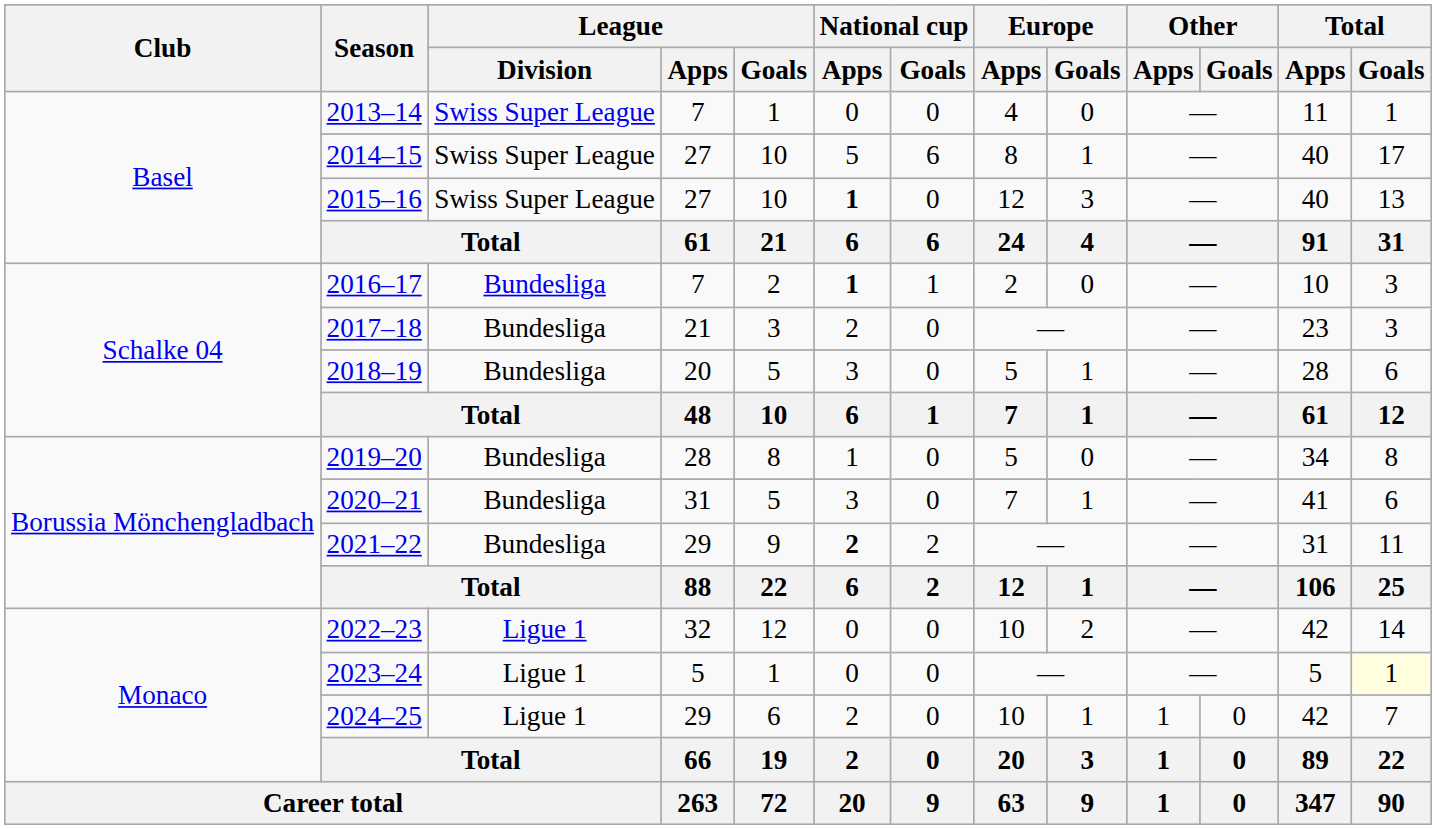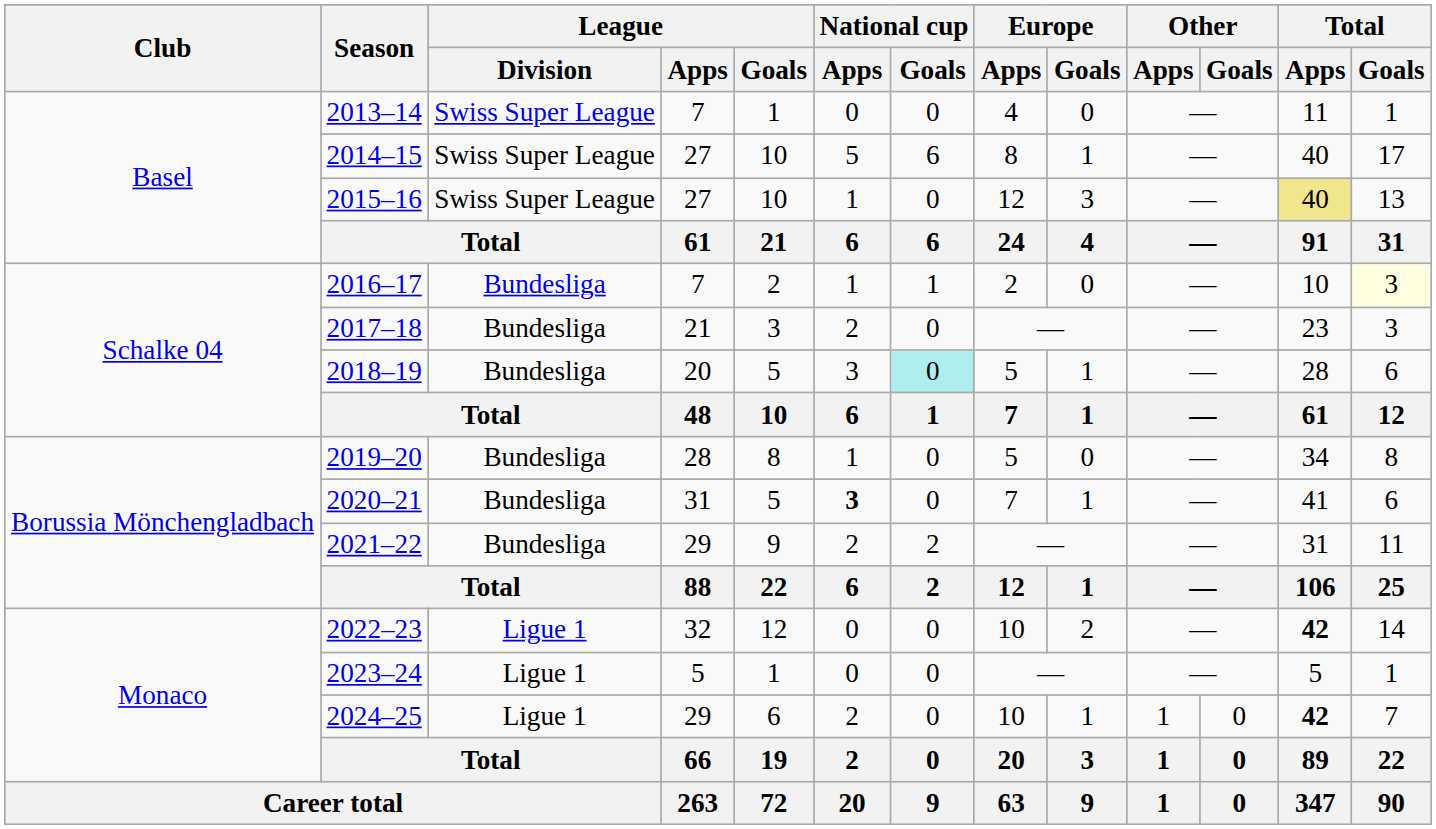 <table class="wikitable" style="text-align:center">
 <tr>
 <th rowspan="2">Club</th>
 <th rowspan="2">Season</th>
 <th colspan="3">League</th>
 <th colspan="2">National cup</th>
 <th colspan="2">Europe</th>
 <th colspan="2">Other</th>
 <th colspan="2">Total</th>
 </tr>
 <tr>
 <th>Division</th>
 <th>Apps</th>
 <th>Goals</th>
 <th>Apps</th>
 <th>Goals</th>
 <th>Apps</th>
 <th>Goals</th>
 <th>Apps</th>
 <th>Goals</th>
 <th>Apps</th>
 <th>Goals</th>
 </tr>
 <tr>
 <td rowspan="4"><a href='#'>Basel</a></td>
 <td><a href='#'>2013–14</a></td>
 <td><a href='#'>Swiss Super League</a></td>
 <td>7</td>
 <td>1</td>
 <td>0</td>
 <td>0</td>
 <td>4</td>
 <td>0</td>
 <td colspan="2">—</td>
 <td>11</td>
 <td>1</td>
 </tr>
 <tr>
 <td><a href='#'>2014–15</a></td>
 <td>Swiss Super League</td>
 <td>27</td>
 <td>10</td>
 <td>5</td>
 <td>6</td>
 <td>8</td>
 <td>1</td>
 <td colspan="2">—</td>
 <td>40</td>
 <td>17</td>
 </tr>
 <tr>
 <td><a href='#'>2015–16</a></td>
 <td>Swiss Super League</td>
 <td>27</td>
 <td>10</td>
-<td><strong>1</strong></td>
+<td>1</td>
 <td>0</td>
 <td>12</td>
 <td>3</td>
 <td colspan="2">—</td>
-<td>40</td>
+<td style="background: khaki;">40</td>
 <td>13</td>
 </tr>
 <tr>
 <th colspan="2">Total</th>
 <th>61</th>
 <th>21</th>
 <th>6</th>
 <th>6</th>
 <th>24</th>
 <th>4</th>
 <th colspan="2">—</th>
 <th>91</th>
 <th>31</th>
 </tr>
 <tr>
 <td rowspan="4"><a href='#'>Schalke 04</a></td>
 <td><a href='#'>2016–17</a></td>
 <td><a href='#'>Bundesliga</a></td>
 <td>7</td>
 <td>2</td>
-<td><strong>1</strong></td>
+<td>1</td>
 <td>1</td>
 <td>2</td>
 <td>0</td>
 <td colspan="2">—</td>
 <td>10</td>
-<td>3</td>
+<td style="background: lightyellow;">3</td>
 </tr>
 <tr>
 <td><a href='#'>2017–18</a></td>
 <td>Bundesliga</td>
 <td>21</td>
 <td>3</td>
 <td>2</td>
 <td>0</td>
 <td colspan="2">—</td>
 <td colspan="2">—</td>
 <td>23</td>
 <td>3</td>
 </tr>
 <tr>
 <td><a href='#'>2018–19</a></td>
 <td>Bundesliga</td>
 <td>20</td>
 <td>5</td>
 <td>3</td>
-<td>0</td>
+<td style="background: paleturquoise;">0</td>
 <td>5</td>
 <td>1</td>
 <td colspan="2">—</td>
 <td>28</td>
 <td>6</td>
 </tr>
 <tr>
 <th colspan="2">Total</th>
 <th>48</th>
 <th>10</th>
 <th>6</th>
 <th>1</th>
 <th>7</th>
 <th>1</th>
 <th colspan="2">—</th>
 <th>61</th>
 <th>12</th>
 </tr>
 <tr>
 <td rowspan="4"><a href='#'>Borussia Mönchengladbach</a></td>
 <td><a href='#'>2019–20</a></td>
 <td>Bundesliga</td>
 <td>28</td>
 <td>8</td>
 <td>1</td>
 <td>0</td>
 <td>5</td>
 <td>0</td>
 <td colspan="2">—</td>
 <td>34</td>
 <td>8</td>
 </tr>
 <tr>
 <td><a href='#'>2020–21</a></td>
 <td>Bundesliga</td>
 <td>31</td>
 <td>5</td>
-<td>3</td>
+<td><strong>3</strong></td>
 <td>0</td>
 <td>7</td>
 <td>1</td>
 <td colspan="2">—</td>
 <td>41</td>
 <td>6</td>
 </tr>
 <tr>
 <td><a href='#'>2021–22</a></td>
 <td>Bundesliga</td>
 <td>29</td>
 <td>9</td>
-<td><strong>2</strong></td>
+<td>2</td>
 <td>2</td>
 <td colspan="2">—</td>
 <td colspan="2">—</td>
 <td>31</td>
 <td>11</td>
 </tr>
 <tr>
 <th colspan="2">Total</th>
 <th>88</th>
 <th>22</th>
 <th>6</th>
 <th>2</th>
 <th>12</th>
 <th>1</th>
 <th colspan="2">—</th>
 <th>106</th>
 <th>25</th>
 </tr>
 <tr>
 <td rowspan="4"><a href='#'>Monaco</a></td>
 <td><a href='#'>2022–23</a></td>
 <td><a href='#'>Ligue 1</a></td>
 <td>32</td>
 <td>12</td>
 <td>0</td>
 <td>0</td>
 <td>10</td>
 <td>2</td>
 <td colspan="2">—</td>
-<td>42</td>
+<td><strong>42</strong></td>
 <td>14</td>
 </tr>
 <tr>
 <td><a href='#'>2023–24</a></td>
 <td>Ligue 1</td>
 <td>5</td>
 <td>1</td>
 <td>0</td>
 <td>0</td>
 <td colspan="2">—</td>
 <td colspan="2">—</td>
 <td>5</td>
-<td style="background: lightyellow;">1</td>
+<td>1</td>
 </tr>
 <tr>
 <td><a href='#'>2024–25</a></td>
 <td>Ligue 1</td>
 <td>29</td>
 <td>6</td>
 <td>2</td>
 <td>0</td>
 <td>10</td>
 <td>1</td>
 <td>1</td>
 <td>0</td>
-<td>42</td>
+<td><strong>42</strong></td>
 <td>7</td>
 </tr>
 <tr>
 <th colspan="2">Total</th>
 <th>66</th>
 <th>19</th>
 <th>2</th>
 <th>0</th>
 <th>20</th>
 <th>3</th>
 <th>1</th>
 <th>0</th>
 <th>89</th>
 <th>22</th>
 </tr>
 <tr>
 <th colspan="3">Career total</th>
 <th>263</th>
 <th>72</th>
 <th>20</th>
 <th>9</th>
 <th>63</th>
 <th>9</th>
 <th>1</th>
 <th>0</th>
 <th>347</th>
 <th>90</th>
 </tr>
 </table>
